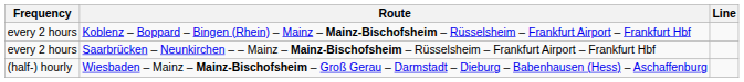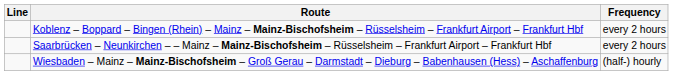 <table class="wikitable">
 <tr>
+<th>Line</th>
+<th>Route</th>
 <th>Frequency</th>
-<th>Route</th>
-<th>Line</th>
 </tr>
 <tr>
+<td></td>
+<td><a href='#'>Koblenz</a> – <a href='#'>Boppard</a> – <a href='#'>Bingen (Rhein)</a> – <a href='#'>Mainz</a> – <strong>Mainz-Bischofsheim</strong> – <a href='#'>Rüsselsheim</a> – <a href='#'>Frankfurt Airport</a> – <a href='#'>Frankfurt Hbf</a></td>
 <td>every 2 hours</td>
-<td><a href='#'>Koblenz</a> – <a href='#'>Boppard</a> – <a href='#'>Bingen (Rhein)</a> – <a href='#'>Mainz</a> – <strong>Mainz-Bischofsheim</strong> – <a href='#'>Rüsselsheim</a> – <a href='#'>Frankfurt Airport</a> – <a href='#'>Frankfurt Hbf</a></td>
-<td></td>
 </tr>
 <tr>
+<td></td>
+<td><a href='#'>Saarbrücken</a> – <a href='#'>Neunkirchen</a> –  – Mainz – <strong>Mainz-Bischofsheim</strong> – Rüsselsheim – Frankfurt Airport – Frankfurt Hbf</td>
 <td>every 2 hours</td>
-<td><a href='#'>Saarbrücken</a> – <a href='#'>Neunkirchen</a> –  – Mainz – <strong>Mainz-Bischofsheim</strong> – Rüsselsheim – Frankfurt Airport – Frankfurt Hbf</td>
-<td></td>
 </tr>
 <tr>
+<td></td>
+<td><a href='#'>Wiesbaden</a> – Mainz – <strong>Mainz-Bischofsheim</strong> – <a href='#'>Groß Gerau</a> – <a href='#'>Darmstadt</a> – <a href='#'>Dieburg</a> – <a href='#'>Babenhausen (Hess)</a> – <a href='#'>Aschaffenburg</a></td>
 <td>(half-) hourly</td>
-<td><a href='#'>Wiesbaden</a> – Mainz – <strong>Mainz-Bischofsheim</strong> – <a href='#'>Groß Gerau</a> – <a href='#'>Darmstadt</a> – <a href='#'>Dieburg</a> – <a href='#'>Babenhausen (Hess)</a> – <a href='#'>Aschaffenburg</a></td>
-<td></td>
 </tr>
 </table>
